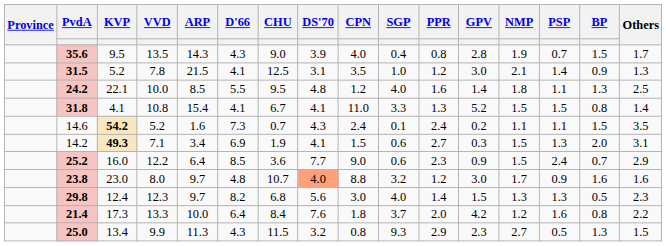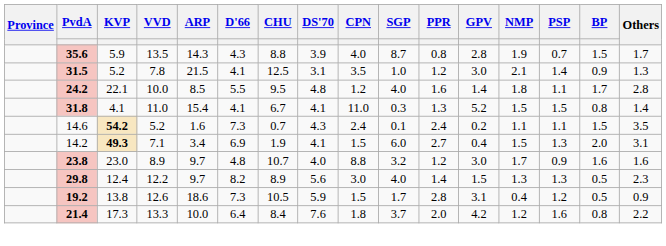 <table class="wikitable sortable" style="text-align:center;font-size:90%;line-height:14px">
 <tr style="height:40px;">
 <th rowspan="2"><a href='#'>Province</a></th>
 <th style="width:40px;"><a href='#'>PvdA</a></th>
 <th style="width:40px;"><a href='#'>KVP</a></th>
 <th style="width:40px;"><a href='#'>VVD</a></th>
 <th style="width:40px;"><a href='#'>ARP</a></th>
 <th style="width:40px;"><a href='#'>D'66</a></th>
 <th style="width:40px;"><a href='#'>CHU</a></th>
 <th style="width:40px;"><a href='#'>DS'70</a></th>
 <th style="width:40px;"><a href='#'>CPN</a></th>
 <th style="width:40px;"><a href='#'>SGP</a></th>
 <th style="width:40px;"><a href='#'>PPR</a></th>
 <th style="width:40px;"><a href='#'>GPV</a></th>
 <th style="width:40px;"><a href='#'>NMP</a></th>
 <th style="width:40px;"><a href='#'>PSP</a></th>
 <th style="width:40px;"><a href='#'>BP</a></th>
 <th style="width:40px;" rowspan="2">Others</th>
 </tr>
 <tr>
 <th style="background:"></th>
 <th style="background:"></th>
 <th style="background:"></th>
 <th style="background:"></th>
 <th style="background:"></th>
 <th style="background:"></th>
 <th style="background:"></th>
 <th style="background:"></th>
 <th style="background:"></th>
 <th style="background:"></th>
 <th style="background:"></th>
 <th style="background:"></th>
 <th style="background:"></th>
 <th style="background:"></th>
 </tr>
 <tr>
 <td align="left"></td>
 <td style="background:#F6C5C1;"><strong>35.6</strong></td>
-<td>9.5</td>
+<td>5.9</td>
 <td>13.5</td>
 <td>14.3</td>
 <td>4.3</td>
-<td>9.0</td>
+<td>8.8</td>
 <td>3.9</td>
 <td>4.0</td>
-<td>0.4</td>
+<td>8.7</td>
 <td>0.8</td>
 <td>2.8</td>
 <td>1.9</td>
 <td>0.7</td>
 <td>1.5</td>
 <td>1.7</td>
 </tr>
 <tr>
 <td align="left"></td>
 <td style="background:#F6C5C1;"><strong>31.5</strong></td>
 <td>5.2</td>
 <td>7.8</td>
 <td>21.5</td>
 <td>4.1</td>
 <td>12.5</td>
 <td>3.1</td>
 <td>3.5</td>
 <td>1.0</td>
 <td>1.2</td>
 <td>3.0</td>
 <td>2.1</td>
 <td>1.4</td>
 <td>0.9</td>
 <td>1.3</td>
 </tr>
 <tr>
 <td align="left"></td>
 <td style="background:#F6C5C1;"><strong>24.2</strong></td>
 <td>22.1</td>
 <td>10.0</td>
 <td>8.5</td>
 <td>5.5</td>
 <td>9.5</td>
 <td>4.8</td>
 <td>1.2</td>
 <td>4.0</td>
 <td>1.6</td>
 <td>1.4</td>
 <td>1.8</td>
 <td>1.1</td>
-<td>1.3</td>
-<td>2.5</td>
+<td>1.7</td>
+<td>2.8</td>
 </tr>
 <tr>
 <td align="left"></td>
 <td style="background:#F6C5C1;"><strong>31.8</strong></td>
 <td>4.1</td>
-<td>10.8</td>
+<td>11.0</td>
 <td>15.4</td>
 <td>4.1</td>
 <td>6.7</td>
 <td>4.1</td>
 <td>11.0</td>
-<td>3.3</td>
+<td>0.3</td>
 <td>1.3</td>
 <td>5.2</td>
 <td>1.5</td>
 <td>1.5</td>
 <td>0.8</td>
 <td>1.4</td>
 </tr>
 <tr>
 <td align="left"></td>
 <td>14.6</td>
 <td style="background:#f8e7c1;"><strong>54.2</strong></td>
 <td>5.2</td>
 <td>1.6</td>
 <td>7.3</td>
 <td>0.7</td>
 <td>4.3</td>
 <td>2.4</td>
 <td>0.1</td>
 <td>2.4</td>
 <td>0.2</td>
 <td>1.1</td>
 <td>1.1</td>
 <td>1.5</td>
 <td>3.5</td>
 </tr>
 <tr>
 <td align="left"></td>
 <td>14.2</td>
 <td style="background:#f8e7c1;"><strong>49.3</strong></td>
 <td>7.1</td>
 <td>3.4</td>
 <td>6.9</td>
 <td>1.9</td>
 <td>4.1</td>
 <td>1.5</td>
-<td>0.6</td>
+<td>6.0</td>
 <td>2.7</td>
-<td>0.3</td>
+<td>0.4</td>
 <td>1.5</td>
 <td>1.3</td>
 <td>2.0</td>
 <td>3.1</td>
 </tr>
 <tr>
 <td align="left"></td>
-<td style="background:#F6C5C1;"><strong>25.2</strong></td>
-<td>16.0</td>
-<td>12.2</td>
-<td>6.4</td>
-<td>8.5</td>
-<td>3.6</td>
-<td>7.7</td>
-<td>9.0</td>
-<td>0.6</td>
-<td>2.3</td>
-<td>0.9</td>
-<td>1.5</td>
-<td>2.4</td>
-<td>0.7</td>
-<td>2.9</td>
-</tr>
-<tr>
-<td align="left"></td>
 <td style="background:#F6C5C1;"><strong>23.8</strong></td>
 <td>23.0</td>
-<td>8.0</td>
+<td>8.9</td>
 <td>9.7</td>
 <td>4.8</td>
 <td>10.7</td>
-<td style="background: lightsalmon;">4.0</td>
+<td>4.0</td>
 <td>8.8</td>
 <td>3.2</td>
 <td>1.2</td>
 <td>3.0</td>
 <td>1.7</td>
 <td>0.9</td>
 <td>1.6</td>
 <td>1.6</td>
 </tr>
 <tr>
 <td align="left"></td>
 <td style="background:#F6C5C1;"><strong>29.8</strong></td>
 <td>12.4</td>
-<td>12.3</td>
+<td>12.2</td>
 <td>9.7</td>
 <td>8.2</td>
-<td>6.8</td>
+<td>8.9</td>
 <td>5.6</td>
 <td>3.0</td>
 <td>4.0</td>
 <td>1.4</td>
 <td>1.5</td>
 <td>1.3</td>
 <td>1.3</td>
 <td>0.5</td>
 <td>2.3</td>
+</tr>
+<tr>
+<td align="left"></td>
+<td style="background:#F6C5C1;"><strong>19.2</strong></td>
+<td>13.8</td>
+<td>12.6</td>
+<td>18.6</td>
+<td>7.3</td>
+<td>10.5</td>
+<td>5.9</td>
+<td>1.5</td>
+<td>1.7</td>
+<td>2.8</td>
+<td>3.1</td>
+<td>0.4</td>
+<td>1.2</td>
+<td>0.5</td>
+<td>0.9</td>
 </tr>
 <tr>
 <td align="left"></td>
 <td style="background:#F6C5C1;"><strong>21.4</strong></td>
 <td>17.3</td>
 <td>13.3</td>
 <td>10.0</td>
 <td>6.4</td>
 <td>8.4</td>
 <td>7.6</td>
 <td>1.8</td>
 <td>3.7</td>
 <td>2.0</td>
 <td>4.2</td>
 <td>1.2</td>
 <td>1.6</td>
 <td>0.8</td>
 <td>2.2</td>
 </tr>
-<tr>
-<td align="left"></td>
-<td style="background:#F6C5C1;"><strong>25.0</strong></td>
-<td>13.4</td>
-<td>9.9</td>
-<td>11.3</td>
-<td>4.3</td>
-<td>11.5</td>
-<td>3.2</td>
-<td>0.8</td>
-<td>9.3</td>
-<td>2.9</td>
-<td>2.3</td>
-<td>2.7</td>
-<td>0.5</td>
-<td>1.3</td>
-<td>1.5</td>
-</tr>
 </table>
